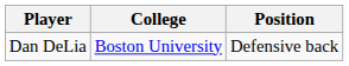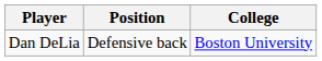 <table class="wikitable" style="text-align:center">
 <tr>
 <th>Player</th>
+<th>Position</th>
 <th>College</th>
-<th>Position</th>
 </tr>
 <tr>
 <td>Dan DeLia</td>
+<td>Defensive back</td>
 <td><a href='#'>Boston University</a></td>
-<td>Defensive back</td>
 </tr>
 </table>
